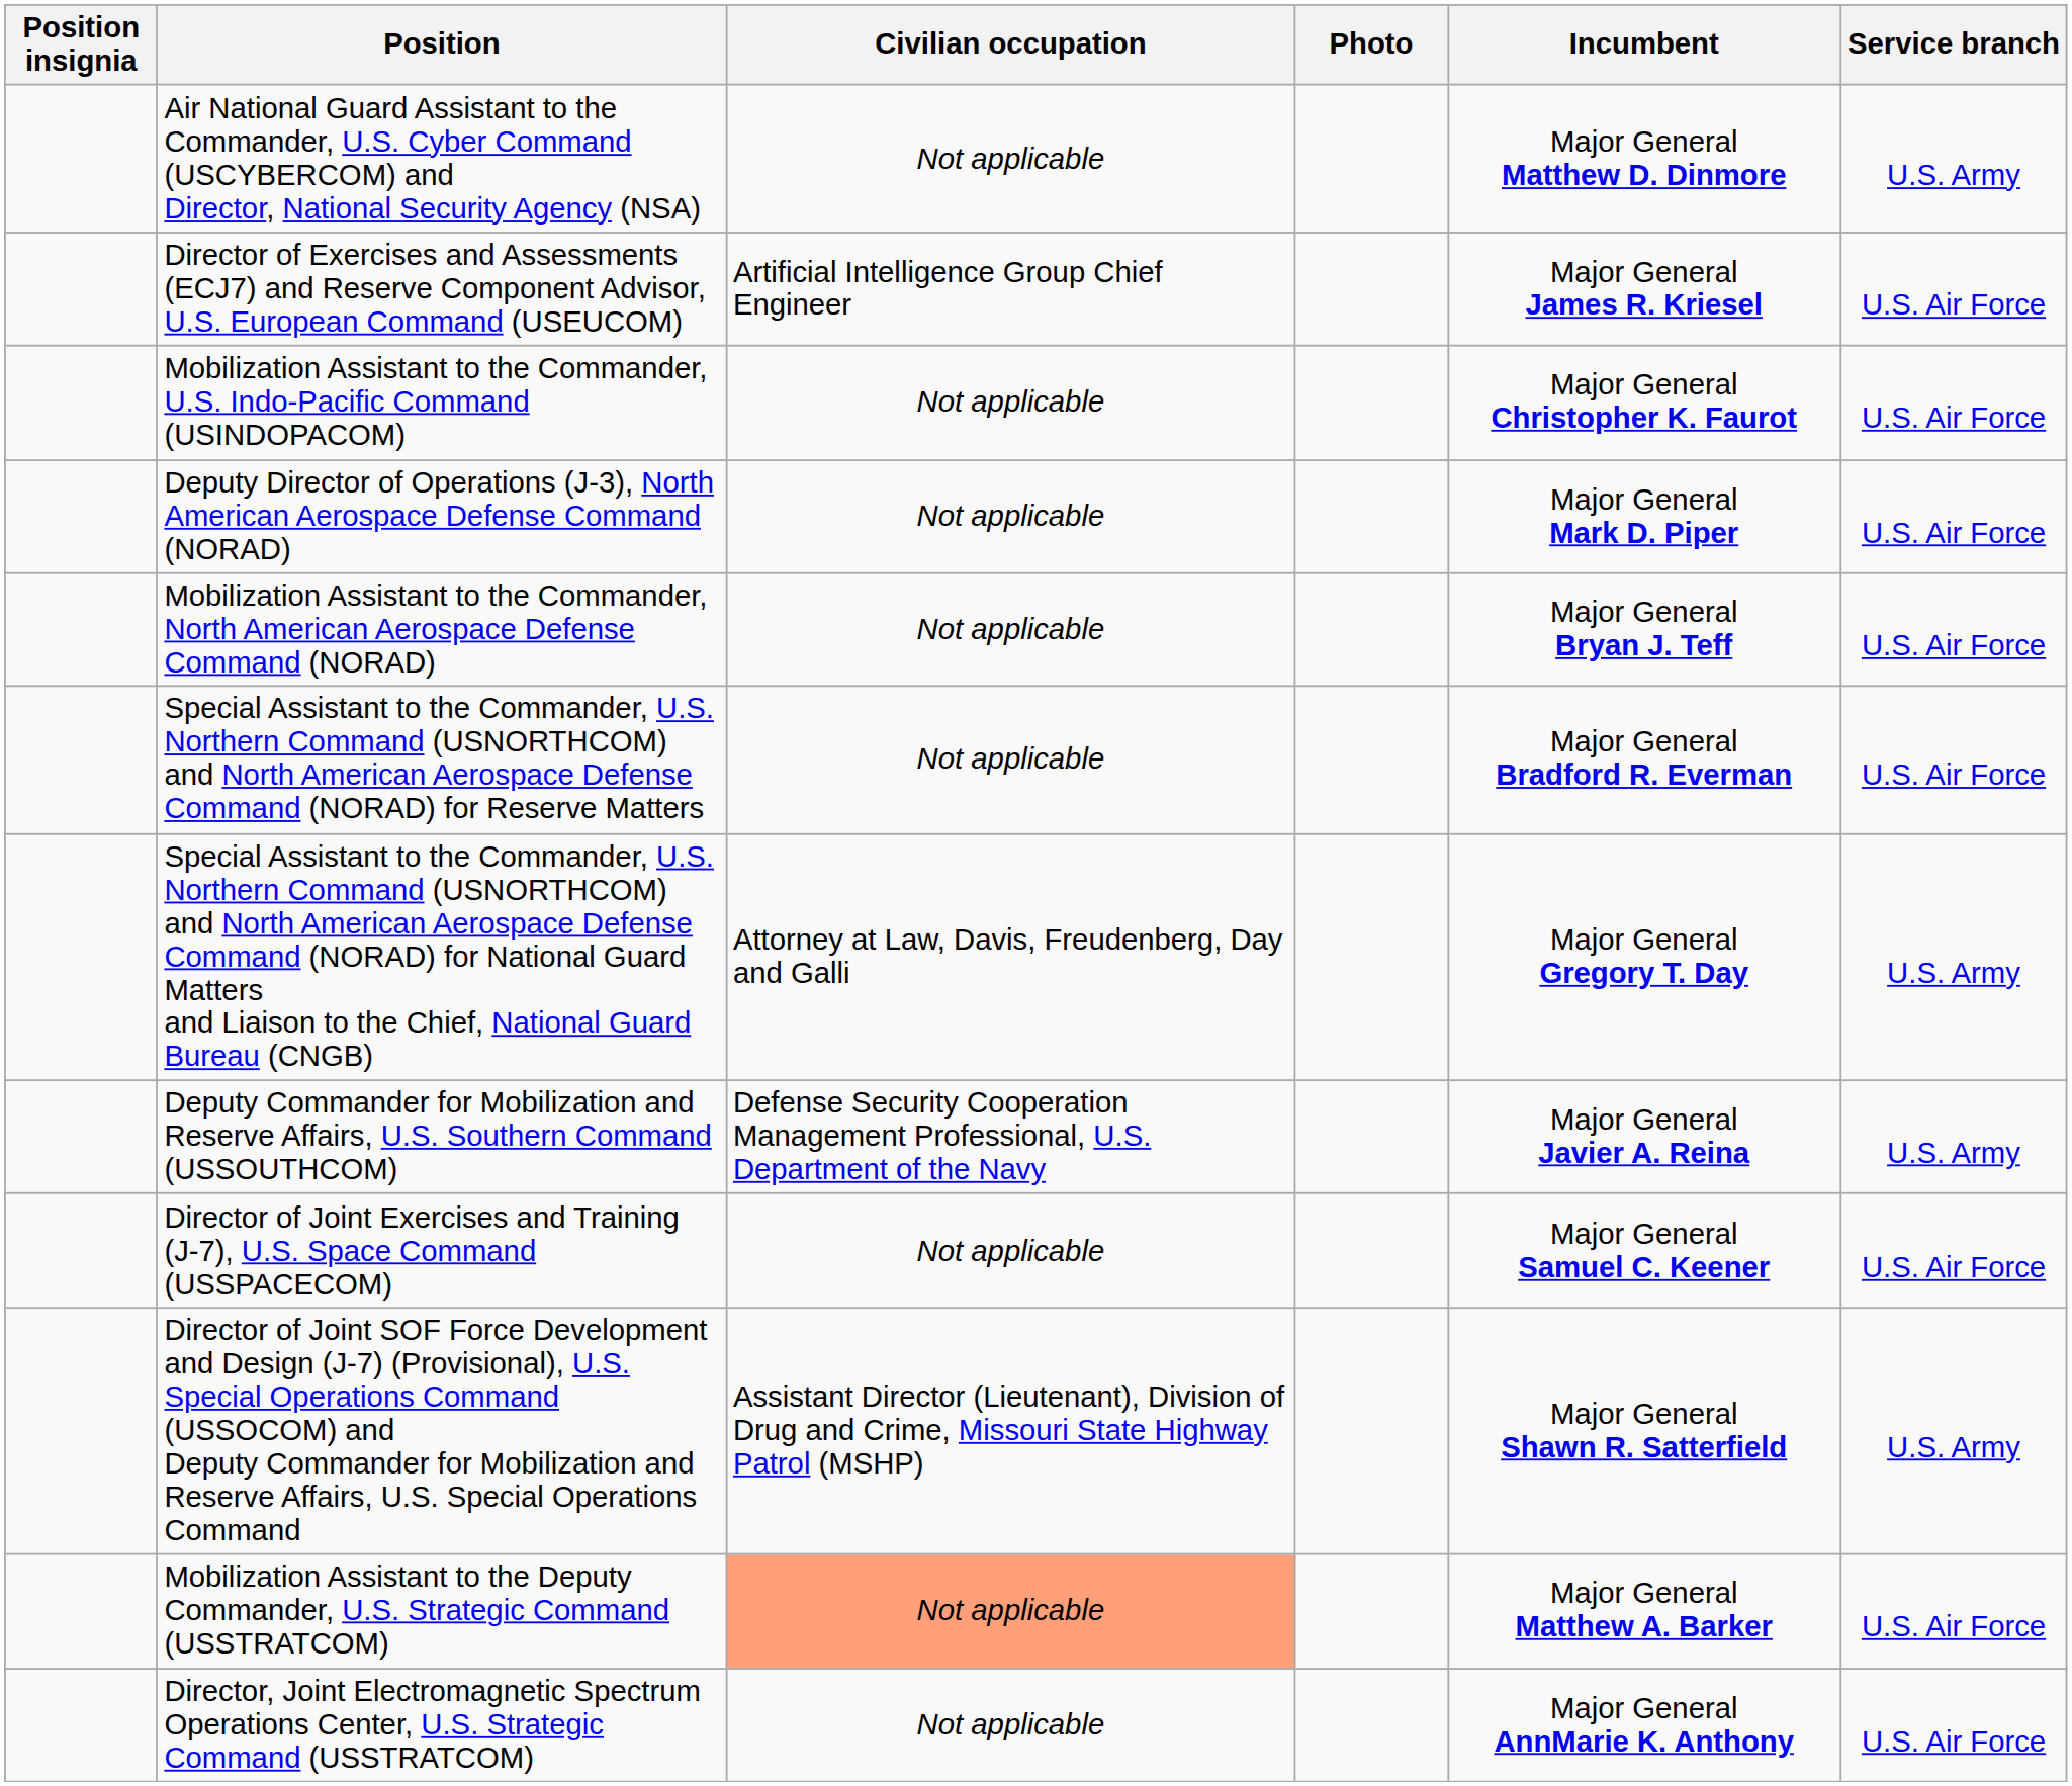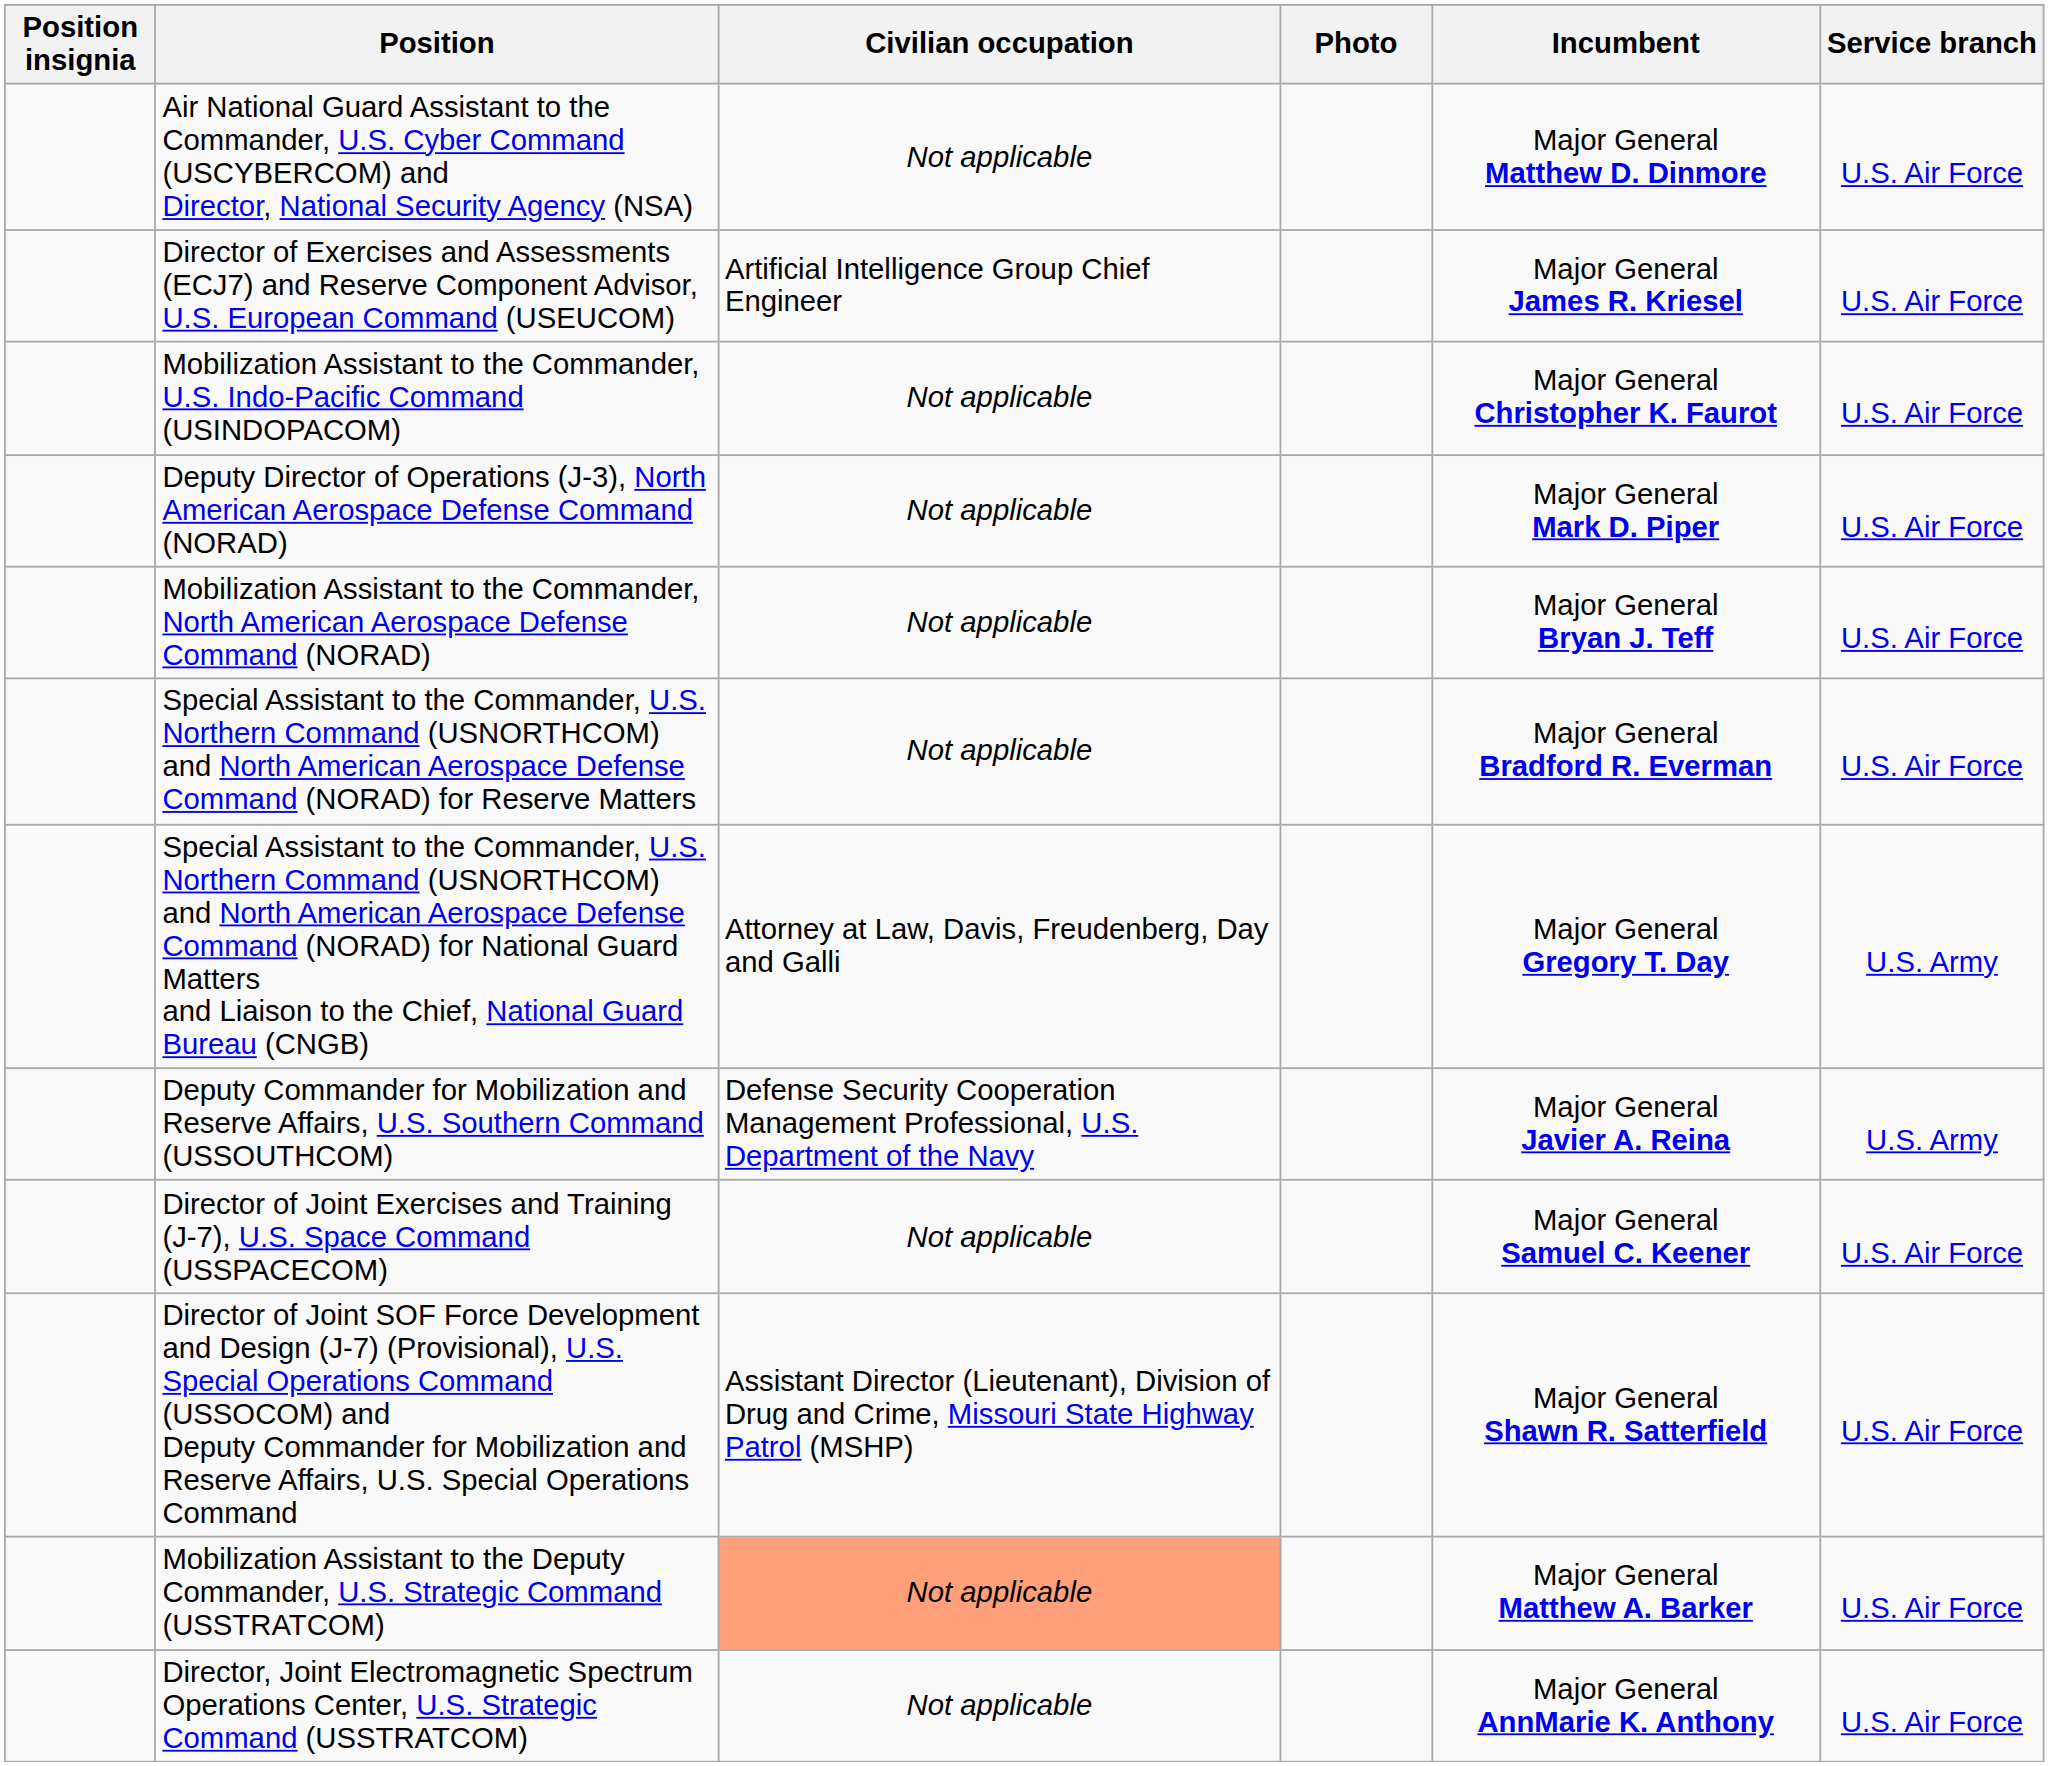 <table class="wikitable">
 <tr>
 <th width="75" style="text-align:center">Position insignia</th>
 <th width="300" style="text-align:center">Position</th>
 <th width="300" style="text-align:center">Civilian occupation</th>
 <th width="75" style="text-align:center">Photo</th>
 <th width="205" style="text-align:center">Incumbent</th>
 <th width="115" style="text-align:center">Service branch</th>
 </tr>
 <tr>
 <td> </td>
 <td>Air National Guard Assistant to the Commander, <a href='#'>U.S. Cyber Command</a> (USCYBERCOM) and<br><a href='#'>Director</a>, <a href='#'>National Security Agency</a> (NSA)</td>
 <td style="text-align:center"><em>Not applicable</em></td>
 <td></td>
 <td style="text-align:center">Major General<br><strong><a href='#'>Matthew D. Dinmore</a></strong></td>
-<td style="text-align:center"><br><a href='#'>U.S. Army</a></td>
+<td style="text-align:center"><br><a href='#'>U.S. Air Force</a></td>
 </tr>
 <tr>
 <td></td>
 <td>Director of Exercises and Assessments (ECJ7) and Reserve Component Advisor, <a href='#'>U.S. European Command</a> (USEUCOM)</td>
 <td>Artificial Intelligence Group Chief Engineer</td>
 <td></td>
 <td style="text-align:center">Major General<br><strong><a href='#'>James R. Kriesel</a></strong></td>
 <td style="text-align:center"><br><a href='#'>U.S. Air Force</a></td>
 </tr>
 <tr>
 <td></td>
 <td>Mobilization Assistant to the Commander, <a href='#'>U.S. Indo-Pacific Command</a> (USINDOPACOM)</td>
 <td style="text-align:center"><em>Not applicable</em></td>
 <td></td>
 <td style="text-align:center">Major General<br><strong><a href='#'>Christopher K. Faurot</a></strong></td>
 <td style="text-align:center"><br><a href='#'>U.S. Air Force</a></td>
 </tr>
 <tr>
 <td></td>
 <td>Deputy Director of Operations (J-3), <a href='#'>North American Aerospace Defense Command</a> (NORAD)</td>
 <td style="text-align:center"><em>Not applicable</em></td>
 <td></td>
 <td style="text-align:center">Major General<br><strong><a href='#'>Mark D. Piper</a></strong></td>
 <td style="text-align:center"><br><a href='#'>U.S. Air Force</a></td>
 </tr>
 <tr>
 <td></td>
 <td>Mobilization Assistant to the Commander,<br><a href='#'>North American Aerospace Defense Command</a> (NORAD)</td>
 <td style="text-align:center"><em>Not applicable</em></td>
 <td></td>
 <td style="text-align:center">Major General<br><strong><a href='#'>Bryan J. Teff</a></strong></td>
 <td style="text-align:center"><br><a href='#'>U.S. Air Force</a></td>
 </tr>
 <tr>
 <td> </td>
 <td>Special Assistant to the Commander, <a href='#'>U.S. Northern Command</a> (USNORTHCOM)<br>and <a href='#'>North American Aerospace Defense Command</a> (NORAD) for Reserve Matters</td>
 <td style="text-align:center"><em>Not applicable</em></td>
 <td></td>
 <td style="text-align:center">Major General<br><strong><a href='#'>Bradford R. Everman</a></strong></td>
 <td style="text-align:center"><br><a href='#'>U.S. Air Force</a></td>
 </tr>
 <tr>
 <td> </td>
 <td>Special Assistant to the Commander, <a href='#'>U.S. Northern Command</a> (USNORTHCOM)<br>and <a href='#'>North American Aerospace Defense Command</a> (NORAD) for National Guard Matters<br>and Liaison to the Chief, <a href='#'>National Guard Bureau</a> (CNGB)</td>
 <td>Attorney at Law, Davis, Freudenberg, Day and Galli</td>
 <td></td>
 <td style="text-align:center">Major General<br><strong><a href='#'>Gregory T. Day</a></strong></td>
 <td style="text-align:center"><br><a href='#'>U.S. Army</a></td>
 </tr>
 <tr>
 <td></td>
 <td>Deputy Commander for Mobilization and Reserve Affairs, <a href='#'>U.S. Southern Command</a> (USSOUTHCOM)</td>
 <td>Defense Security Cooperation Management Professional, <a href='#'>U.S. Department of the Navy</a></td>
 <td></td>
 <td style="text-align:center">Major General<br><strong><a href='#'>Javier A. Reina</a></strong></td>
 <td style="text-align:center"><br><a href='#'>U.S. Army</a></td>
 </tr>
 <tr>
 <td></td>
 <td>Director of Joint Exercises and Training (J-7), <a href='#'>U.S. Space Command</a> (USSPACECOM)</td>
 <td style="text-align:center"><em>Not applicable</em></td>
 <td></td>
 <td style="text-align:center">Major General<br><strong><a href='#'>Samuel C. Keener</a></strong></td>
 <td style="text-align:center"><br><a href='#'>U.S. Air Force</a></td>
 </tr>
 <tr>
 <td></td>
 <td>Director of Joint SOF Force Development and Design (J-7) (Provisional), <a href='#'>U.S. Special Operations Command</a> (USSOCOM) and<br>Deputy Commander for Mobilization and Reserve Affairs, U.S. Special Operations Command</td>
 <td>Assistant Director (Lieutenant), Division of Drug and Crime, <a href='#'>Missouri State Highway Patrol</a> (MSHP)</td>
 <td></td>
 <td style="text-align:center">Major General<br><strong><a href='#'>Shawn R. Satterfield</a></strong></td>
-<td style="text-align:center"><br><a href='#'>U.S. Army</a></td>
+<td style="text-align:center"><br><a href='#'>U.S. Air Force</a></td>
 </tr>
 <tr>
 <td></td>
 <td>Mobilization Assistant to the Deputy Commander, <a href='#'>U.S. Strategic Command</a> (USSTRATCOM)</td>
 <td style="background: lightsalmon; text-align:center"><em>Not applicable</em></td>
 <td></td>
 <td style="text-align:center">Major General<br><strong><a href='#'>Matthew A. Barker</a></strong></td>
 <td style="text-align:center"><br><a href='#'>U.S. Air Force</a></td>
 </tr>
 <tr>
 <td></td>
 <td>Director, Joint Electromagnetic Spectrum Operations Center, <a href='#'>U.S. Strategic Command</a> (USSTRATCOM)</td>
 <td style="text-align:center"><em>Not applicable</em></td>
 <td></td>
 <td style="text-align:center">Major General<br><strong><a href='#'>AnnMarie K. Anthony</a></strong></td>
 <td style="text-align:center"><br><a href='#'>U.S. Air Force</a></td>
 </tr>
 </table>
